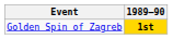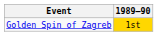 <table class="wikitable" style="text-align:center">
 <tr>
 <th>Event</th>
 <th>1989–90</th>
 </tr>
 <tr>
 <td align=left><a href='#'>Golden Spin of Zagreb</a></td>
-<td bgcolor=gold><strong>1st</strong></td>
+<td bgcolor=gold>1st</td>
 </tr>
 </table>
